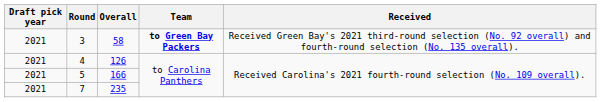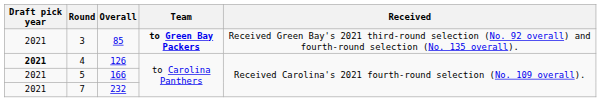 <table class="wikitable" style="text-align:center">
 <tr>
 <th>Draft pick year</th>
 <th>Round</th>
 <th>Overall</th>
 <th>Team</th>
 <th>Received</th>
 </tr>
 <tr>
 <td>2021</td>
 <td>3</td>
-<td><a href='#'>58</a></td>
+<td><a href='#'>85</a></td>
 <td><strong>to <a href='#'>Green Bay Packers</a></strong></td>
 <td>Received Green Bay's 2021 third-round selection (<a href='#'>No. 92 overall</a>) and fourth-round selection (<a href='#'>No. 135 overall</a>).</td>
 </tr>
 <tr>
-<td>2021</td>
+<td><strong>2021</strong></td>
 <td>4</td>
 <td><a href='#'>126</a></td>
 <td rowspan="3">to <a href='#'>Carolina Panthers</a></td>
 <td rowspan="3">Received Carolina's 2021 fourth-round selection (<a href='#'>No. 109 overall</a>).</td>
 </tr>
 <tr>
 <td>2021</td>
 <td>5</td>
 <td><a href='#'>166</a></td>
 </tr>
 <tr>
 <td>2021</td>
 <td>7</td>
-<td><a href='#'>235</a></td>
+<td><a href='#'>232</a></td>
 </tr>
 </table>
